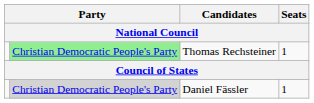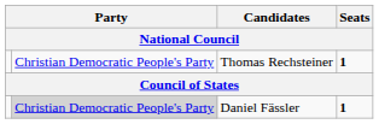 <table class="wikitable" style="font-size:95%;">
 <tr>
 <th colspan=2>Party</th>
 <th>Candidates</th>
 <th>Seats</th>
 </tr>
 <tr>
 <th colspan=6><a href='#'>National Council</a></th>
 </tr>
 <tr>
 <td bgcolor=></td>
-<td align=left style="background: lightgreen;"><a href='#'>Christian Democratic People's Party</a></td>
+<td align=left><a href='#'>Christian Democratic People's Party</a></td>
 <td>Thomas Rechsteiner</td>
-<td>1</td>
+<td><strong>1</strong></td>
 </tr>
 <tr>
 <th colspan=6><a href='#'>Council of States</a></th>
 </tr>
 <tr>
 <td bgcolor=></td>
 <td align=left style="background: lightgrey;"><a href='#'>Christian Democratic People's Party</a></td>
 <td>Daniel Fässler</td>
-<td>1</td>
+<td><strong>1</strong></td>
 </tr>
 </table>
